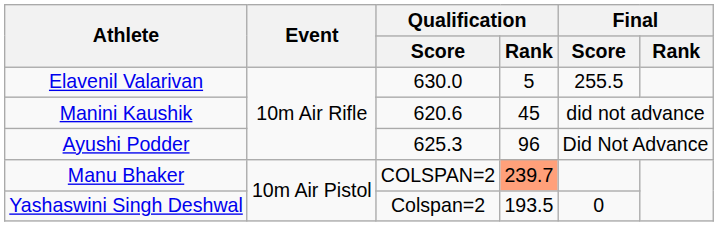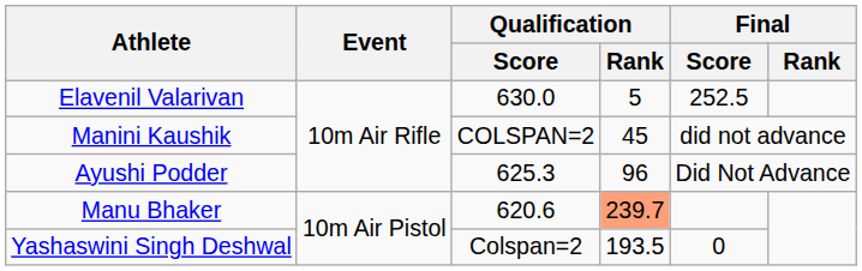 <table class="wikitable" style="text-align:center; font-size:90%">
 <tr>
 <th rowspan="2">Athlete</th>
 <th rowspan="2">Event</th>
 <th colspan="2">Qualification</th>
 <th colspan="2">Final</th>
 </tr>
 <tr>
 <th>Score</th>
 <th>Rank</th>
 <th>Score</th>
 <th>Rank</th>
 </tr>
 <tr>
 <td><a href='#'>Elavenil Valarivan</a></td>
 <td rowspan=3>10m Air Rifle</td>
 <td>630.0</td>
 <td>5</td>
-<td>255.5</td>
+<td>252.5</td>
 <td></td>
 </tr>
 <tr>
 <td><a href='#'>Manini Kaushik</a></td>
-<td>620.6</td>
+<td>COLSPAN=2</td>
 <td>45</td>
 <td COLSPAN=2>did not advance</td>
 </tr>
 <tr>
 <td><a href='#'>Ayushi Podder</a></td>
 <td>625.3</td>
 <td>96</td>
 <td COLSPAN=2>Did Not Advance</td>
 </tr>
 <tr>
 <td><a href='#'>Manu Bhaker</a></td>
 <td rowspan=2>10m Air Pistol</td>
-<td>COLSPAN=2</td>
+<td>620.6</td>
 <td style="background: lightsalmon;">239.7</td>
 <td></td>
 </tr>
 <tr>
 <td><a href='#'>Yashaswini Singh Deshwal</a></td>
 <td>Colspan=2</td>
 <td>193.5</td>
 <td>0</td>
 </tr>
 </table>
